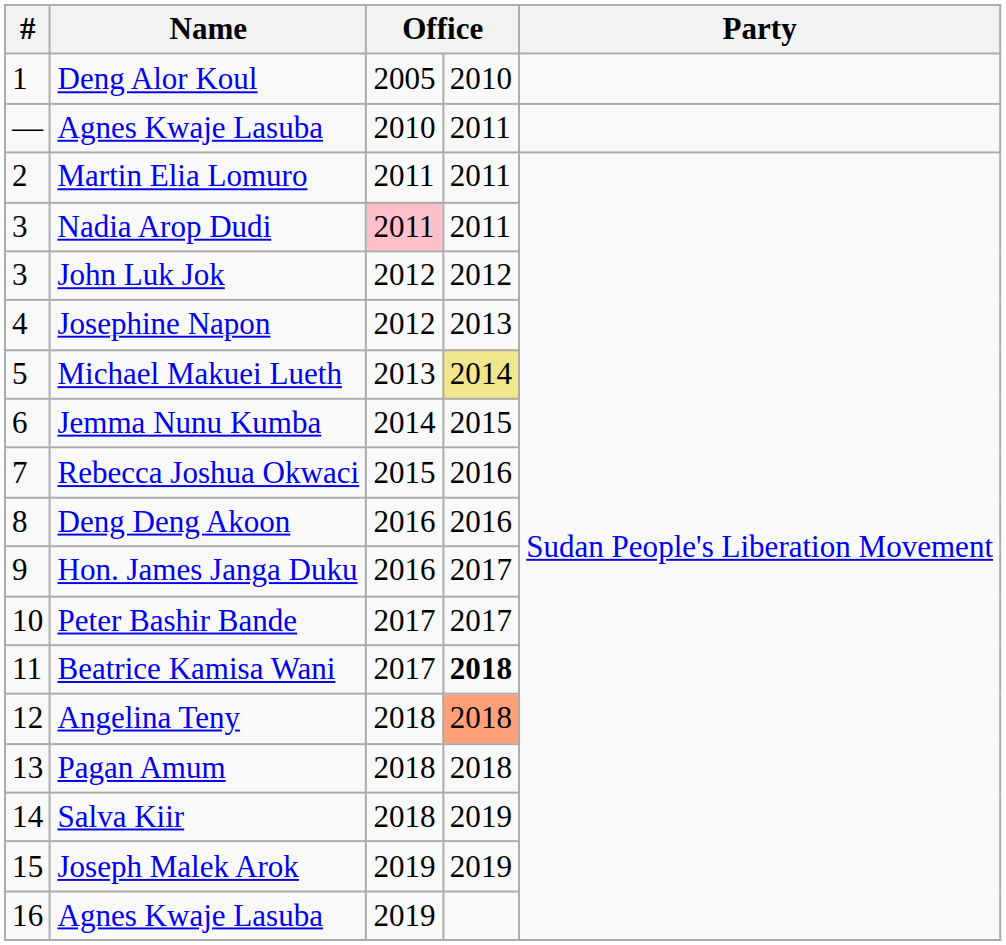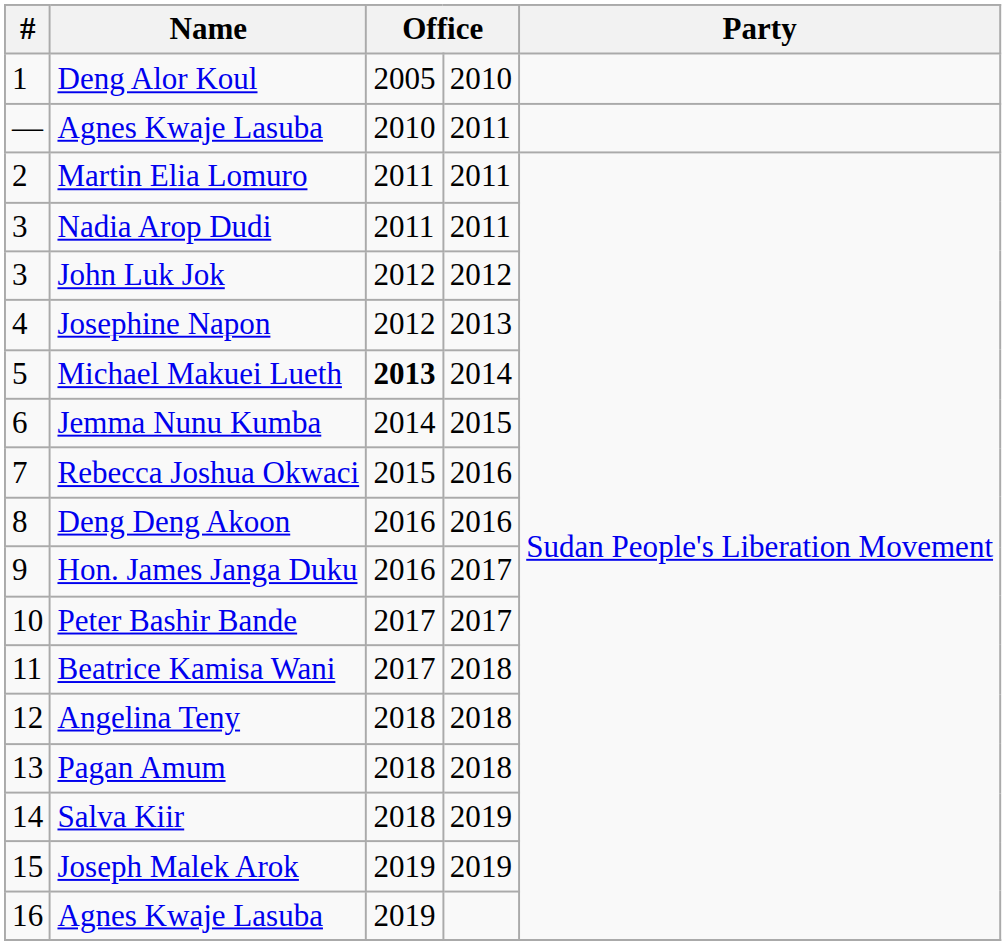 <table class="wikitable">
 <tr>
 <th>#</th>
 <th>Name</th>
 <th colspan="2">Office</th>
 <th>Party</th>
 </tr>
 <tr>
 <td>1</td>
 <td><a href='#'>Deng Alor Koul</a></td>
 <td>2005</td>
 <td>2010</td>
 <td></td>
 </tr>
 <tr>
 <td>—</td>
 <td><a href='#'>Agnes Kwaje Lasuba</a></td>
 <td>2010</td>
 <td>2011</td>
 <td></td>
 </tr>
 <tr>
 <td>2</td>
 <td><a href='#'>Martin Elia Lomuro</a></td>
 <td>2011</td>
 <td>2011</td>
 <td rowspan="16"><a href='#'>Sudan People's Liberation Movement</a></td>
 </tr>
 <tr>
 <td>3</td>
 <td><a href='#'>Nadia Arop Dudi</a></td>
-<td style="background: pink;">2011</td>
+<td>2011</td>
 <td>2011</td>
 </tr>
 <tr>
 <td>3</td>
 <td><a href='#'>John Luk Jok</a></td>
 <td>2012</td>
 <td>2012</td>
 </tr>
 <tr>
 <td>4</td>
 <td><a href='#'>Josephine Napon</a></td>
 <td>2012</td>
 <td>2013</td>
 </tr>
 <tr>
 <td>5</td>
 <td><a href='#'>Michael Makuei Lueth</a></td>
-<td>2013</td>
-<td style="background: khaki;">2014</td>
+<td><strong>2013</strong></td>
+<td>2014</td>
 </tr>
 <tr>
 <td>6</td>
 <td><a href='#'>Jemma Nunu Kumba</a></td>
 <td>2014</td>
 <td>2015</td>
 </tr>
 <tr>
 <td>7</td>
 <td><a href='#'>Rebecca Joshua Okwaci</a></td>
 <td>2015</td>
 <td>2016</td>
 </tr>
 <tr>
 <td>8</td>
 <td><a href='#'>Deng Deng Akoon</a></td>
 <td>2016</td>
 <td>2016</td>
 </tr>
 <tr>
 <td>9</td>
 <td><a href='#'>Hon. James Janga Duku</a></td>
 <td>2016</td>
 <td>2017</td>
 </tr>
 <tr>
 <td>10</td>
 <td><a href='#'>Peter Bashir Bande</a></td>
 <td>2017</td>
 <td>2017</td>
 </tr>
 <tr>
 <td>11</td>
 <td><a href='#'>Beatrice Kamisa Wani</a></td>
 <td>2017</td>
-<td><strong>2018</strong></td>
+<td>2018</td>
 </tr>
 <tr>
 <td>12</td>
 <td><a href='#'>Angelina Teny</a></td>
 <td>2018</td>
-<td style="background: lightsalmon;">2018</td>
+<td>2018</td>
 </tr>
 <tr>
 <td>13</td>
 <td><a href='#'>Pagan Amum</a></td>
 <td>2018</td>
 <td>2018</td>
 </tr>
 <tr>
 <td>14</td>
 <td><a href='#'>Salva Kiir</a></td>
 <td>2018</td>
 <td>2019</td>
 </tr>
 <tr>
 <td>15</td>
 <td><a href='#'>Joseph Malek Arok</a></td>
 <td>2019</td>
 <td>2019</td>
 </tr>
 <tr>
 <td>16</td>
 <td><a href='#'>Agnes Kwaje Lasuba</a></td>
 <td>2019</td>
 <td></td>
 </tr>
 <tr>
 </tr>
 </table>
